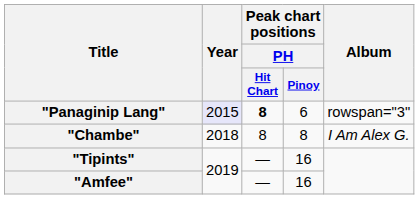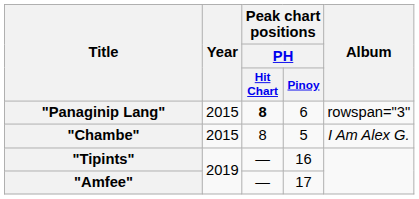 <table class="wikitable plainrowheaders" style="text-align:center;">
 <tr>
 <th scope="col" rowspan="3" style="width:13em;">Title</th>
 <th scope="col" rowspan="3">Year</th>
 <th scope="col" colspan="2">Peak chart positions</th>
 <th scope="col" rowspan="3">Album</th>
 </tr>
 <tr>
 <th colspan="2"><a href='#'>PH</a></th>
 </tr>
 <tr>
 <th scope="col" style="width:3em;font-size:80%;"><a href='#'>Hit Chart</a> <br></th>
 <th scope="col" style="width:3em;font-size:80%;"><a href='#'>Pinoy</a> <br></th>
 </tr>
 <tr>
 <th scope="row">"Panaginip Lang"</th>
-<td style="background: lavender;">2015</td>
+<td>2015</td>
 <td><strong>8</strong></td>
 <td>6</td>
 <td>rowspan="3" </td>
 </tr>
 <tr>
 <th scope="row">"Chambe"</th>
-<td>2018</td>
+<td>2015</td>
 <td>8</td>
-<td>8</td>
+<td>5</td>
 <td><em>I Am Alex G.</em></td>
 </tr>
 <tr>
 <th scope="row">"Tipints"</th>
 <td rowspan="2">2019</td>
 <td>—</td>
 <td>16</td>
 </tr>
 <tr>
 <th scope="row">"Amfee"</th>
 <td>—</td>
-<td>16</td>
+<td>17</td>
 </tr>
 </table>
